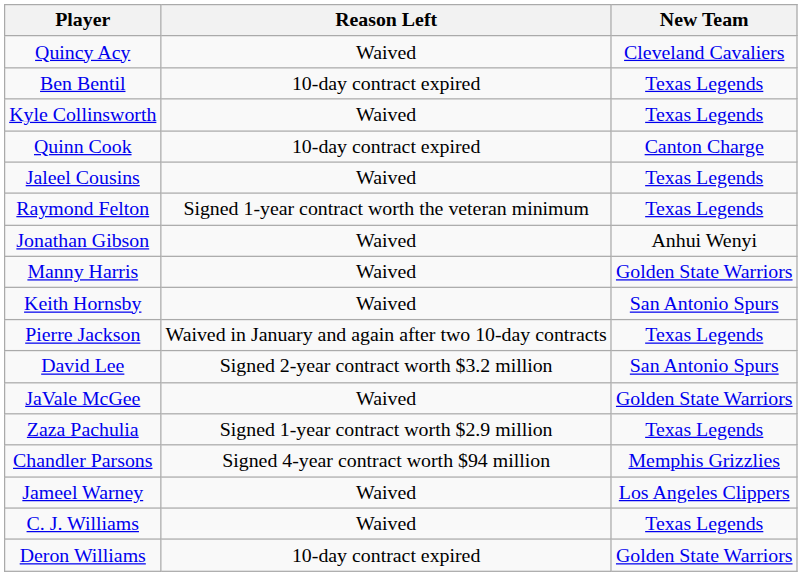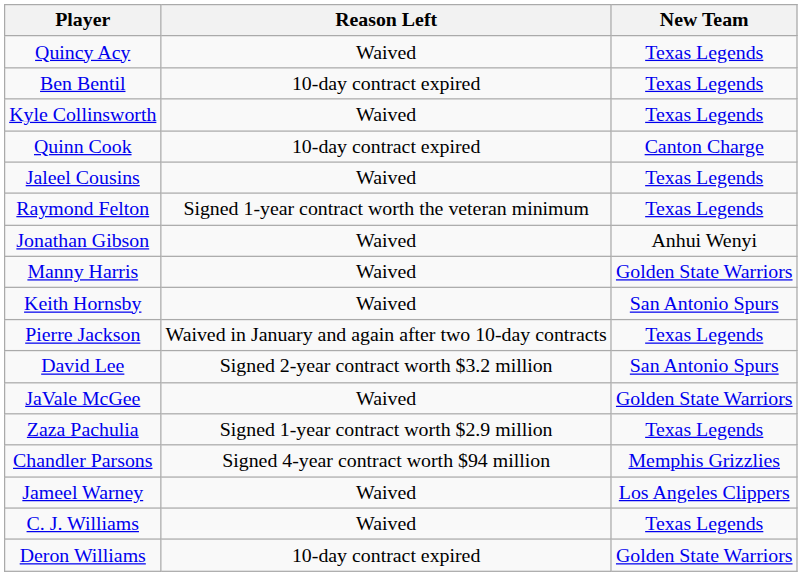 <table class="wikitable sortable sortable">
 <tr>
 <th>Player</th>
 <th>Reason Left</th>
 <th>New Team</th>
 </tr>
 <tr style="text-align: center">
 <td><a href='#'>Quincy Acy</a></td>
 <td>Waived</td>
-<td><a href='#'>Cleveland Cavaliers</a></td>
+<td><a href='#'>Texas Legends</a></td>
 </tr>
 <tr style="text-align: center">
 <td><a href='#'>Ben Bentil</a></td>
 <td>10-day contract expired</td>
 <td><a href='#'>Texas Legends</a></td>
 </tr>
 <tr style="text-align: center">
 <td><a href='#'>Kyle Collinsworth</a></td>
 <td>Waived</td>
 <td><a href='#'>Texas Legends</a></td>
 </tr>
 <tr style="text-align: center">
 <td><a href='#'>Quinn Cook</a></td>
 <td>10-day contract expired</td>
 <td><a href='#'>Canton Charge</a></td>
 </tr>
 <tr style="text-align: center">
 <td><a href='#'>Jaleel Cousins</a></td>
 <td>Waived</td>
 <td><a href='#'>Texas Legends</a></td>
 </tr>
 <tr style="text-align: center">
 <td><a href='#'>Raymond Felton</a></td>
 <td>Signed 1-year contract worth the veteran minimum</td>
 <td><a href='#'>Texas Legends</a></td>
 </tr>
 <tr style="text-align: center">
 <td><a href='#'>Jonathan Gibson</a></td>
 <td>Waived</td>
 <td> Anhui Wenyi</td>
 </tr>
 <tr style="text-align: center">
 <td><a href='#'>Manny Harris</a></td>
 <td>Waived</td>
 <td><a href='#'>Golden State Warriors</a></td>
 </tr>
 <tr style="text-align: center">
 <td><a href='#'>Keith Hornsby</a></td>
 <td>Waived</td>
 <td><a href='#'>San Antonio Spurs</a></td>
 </tr>
 <tr style="text-align: center">
 <td><a href='#'>Pierre Jackson</a></td>
 <td>Waived in January and again after two 10-day contracts</td>
 <td><a href='#'>Texas Legends</a></td>
 </tr>
 <tr style="text-align: center">
 <td><a href='#'>David Lee</a></td>
 <td>Signed 2-year contract worth $3.2 million</td>
 <td><a href='#'>San Antonio Spurs</a></td>
 </tr>
 <tr style="text-align: center">
 <td><a href='#'>JaVale McGee</a></td>
 <td>Waived</td>
 <td><a href='#'>Golden State Warriors</a></td>
 </tr>
 <tr style="text-align: center">
 <td><a href='#'>Zaza Pachulia</a></td>
 <td>Signed 1-year contract worth $2.9 million</td>
 <td><a href='#'>Texas Legends</a></td>
 </tr>
 <tr style="text-align: center">
 <td><a href='#'>Chandler Parsons</a></td>
 <td>Signed 4-year contract worth $94 million</td>
 <td><a href='#'>Memphis Grizzlies</a></td>
 </tr>
 <tr style="text-align: center">
 <td><a href='#'>Jameel Warney</a></td>
 <td>Waived</td>
 <td><a href='#'>Los Angeles Clippers</a></td>
 </tr>
 <tr style="text-align: center">
 <td><a href='#'>C. J. Williams</a></td>
 <td>Waived</td>
 <td><a href='#'>Texas Legends</a></td>
 </tr>
 <tr style="text-align: center">
 <td><a href='#'>Deron Williams</a></td>
 <td>10-day contract expired</td>
 <td><a href='#'>Golden State Warriors</a></td>
 </tr>
 </table>
